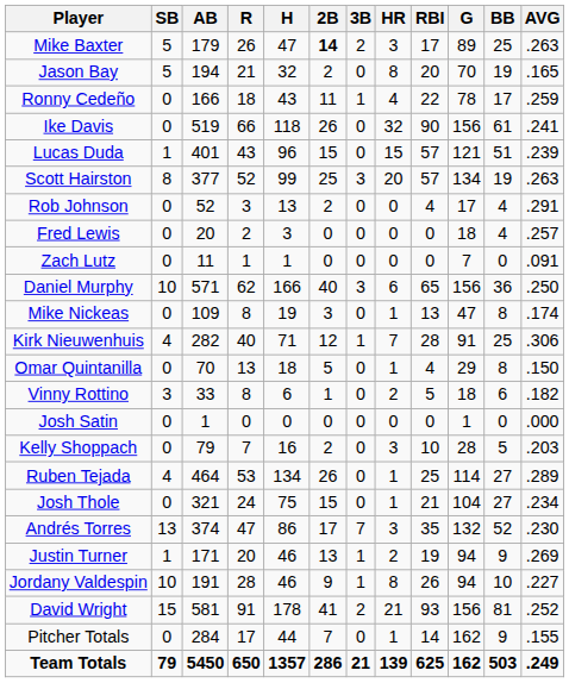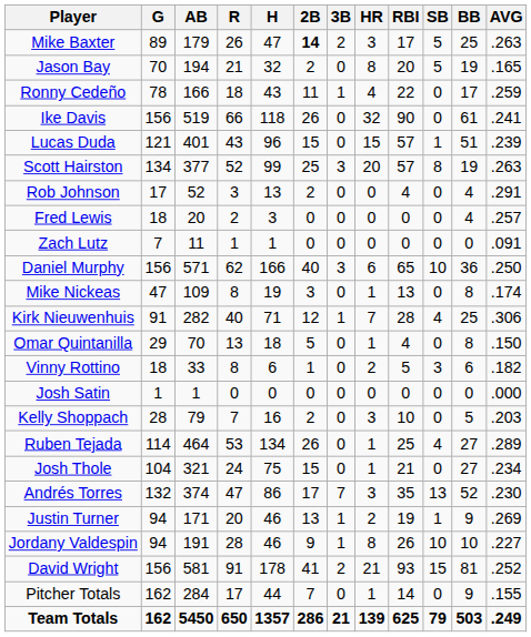 <table class="wikitable sortable">
 <tr>
 <th>Player</th>
-<th>SB</th>
+<th>G</th>
 <th>AB</th>
 <th>R</th>
 <th>H</th>
 <th>2B</th>
 <th>3B</th>
 <th>HR</th>
 <th>RBI</th>
-<th>G</th>
+<th>SB</th>
 <th>BB</th>
 <th>AVG</th>
 </tr>
 <tr align=center>
 <td><a href='#'>Mike Baxter</a></td>
-<td>5</td>
+<td>89</td>
 <td>179</td>
 <td>26</td>
 <td>47</td>
 <td><strong>14</strong></td>
 <td>2</td>
 <td>3</td>
 <td>17</td>
-<td>89</td>
+<td>5</td>
 <td>25</td>
 <td>.263</td>
 </tr>
 <tr align=center>
 <td><a href='#'>Jason Bay</a></td>
-<td>5</td>
+<td>70</td>
 <td>194</td>
 <td>21</td>
 <td>32</td>
 <td>2</td>
 <td>0</td>
 <td>8</td>
 <td>20</td>
-<td>70</td>
+<td>5</td>
 <td>19</td>
 <td>.165</td>
 </tr>
 <tr align=center>
 <td><a href='#'>Ronny Cedeño</a></td>
-<td>0</td>
+<td>78</td>
 <td>166</td>
 <td>18</td>
 <td>43</td>
 <td>11</td>
 <td>1</td>
 <td>4</td>
 <td>22</td>
-<td>78</td>
+<td>0</td>
 <td>17</td>
 <td>.259</td>
 </tr>
 <tr align=center>
 <td><a href='#'>Ike Davis</a></td>
-<td>0</td>
+<td>156</td>
 <td>519</td>
 <td>66</td>
 <td>118</td>
 <td>26</td>
 <td>0</td>
 <td>32</td>
 <td>90</td>
-<td>156</td>
+<td>0</td>
 <td>61</td>
 <td>.241</td>
 </tr>
 <tr align=center>
 <td><a href='#'>Lucas Duda</a></td>
-<td>1</td>
+<td>121</td>
 <td>401</td>
 <td>43</td>
 <td>96</td>
 <td>15</td>
 <td>0</td>
 <td>15</td>
 <td>57</td>
-<td>121</td>
+<td>1</td>
 <td>51</td>
 <td>.239</td>
 </tr>
 <tr align=center>
 <td><a href='#'>Scott Hairston</a></td>
-<td>8</td>
+<td>134</td>
 <td>377</td>
 <td>52</td>
 <td>99</td>
 <td>25</td>
 <td>3</td>
 <td>20</td>
 <td>57</td>
-<td>134</td>
+<td>8</td>
 <td>19</td>
 <td>.263</td>
 </tr>
 <tr align=center>
 <td><a href='#'>Rob Johnson</a></td>
-<td>0</td>
+<td>17</td>
 <td>52</td>
 <td>3</td>
 <td>13</td>
 <td>2</td>
 <td>0</td>
 <td>0</td>
 <td>4</td>
-<td>17</td>
+<td>0</td>
 <td>4</td>
 <td>.291</td>
 </tr>
 <tr align=center>
 <td><a href='#'>Fred Lewis</a></td>
-<td>0</td>
+<td>18</td>
 <td>20</td>
 <td>2</td>
 <td>3</td>
 <td>0</td>
 <td>0</td>
 <td>0</td>
 <td>0</td>
-<td>18</td>
+<td>0</td>
 <td>4</td>
 <td>.257</td>
 </tr>
 <tr align=center>
 <td><a href='#'>Zach Lutz</a></td>
-<td>0</td>
+<td>7</td>
 <td>11</td>
 <td>1</td>
 <td>1</td>
 <td>0</td>
 <td>0</td>
 <td>0</td>
 <td>0</td>
-<td>7</td>
+<td>0</td>
 <td>0</td>
 <td>.091</td>
 </tr>
 <tr align=center>
 <td><a href='#'>Daniel Murphy</a></td>
-<td>10</td>
+<td>156</td>
 <td>571</td>
 <td>62</td>
 <td>166</td>
 <td>40</td>
 <td>3</td>
 <td>6</td>
 <td>65</td>
-<td>156</td>
+<td>10</td>
 <td>36</td>
 <td>.250</td>
 </tr>
 <tr align=center>
 <td><a href='#'>Mike Nickeas</a></td>
-<td>0</td>
+<td>47</td>
 <td>109</td>
 <td>8</td>
 <td>19</td>
 <td>3</td>
 <td>0</td>
 <td>1</td>
 <td>13</td>
-<td>47</td>
+<td>0</td>
 <td>8</td>
 <td>.174</td>
 </tr>
 <tr align=center>
 <td><a href='#'>Kirk Nieuwenhuis</a></td>
-<td>4</td>
+<td>91</td>
 <td>282</td>
 <td>40</td>
 <td>71</td>
 <td>12</td>
 <td>1</td>
 <td>7</td>
 <td>28</td>
-<td>91</td>
+<td>4</td>
 <td>25</td>
 <td>.306</td>
 </tr>
 <tr align=center>
 <td><a href='#'>Omar Quintanilla</a></td>
-<td>0</td>
+<td>29</td>
 <td>70</td>
 <td>13</td>
 <td>18</td>
 <td>5</td>
 <td>0</td>
 <td>1</td>
 <td>4</td>
-<td>29</td>
+<td>0</td>
 <td>8</td>
 <td>.150</td>
 </tr>
 <tr align=center>
 <td><a href='#'>Vinny Rottino</a></td>
-<td>3</td>
+<td>18</td>
 <td>33</td>
 <td>8</td>
 <td>6</td>
 <td>1</td>
 <td>0</td>
 <td>2</td>
 <td>5</td>
-<td>18</td>
+<td>3</td>
 <td>6</td>
 <td>.182</td>
 </tr>
 <tr align=center>
 <td><a href='#'>Josh Satin</a></td>
-<td>0</td>
+<td>1</td>
 <td>1</td>
 <td>0</td>
 <td>0</td>
 <td>0</td>
 <td>0</td>
 <td>0</td>
 <td>0</td>
-<td>1</td>
+<td>0</td>
 <td>0</td>
 <td>.000</td>
 </tr>
 <tr align=center>
 <td><a href='#'>Kelly Shoppach</a></td>
-<td>0</td>
+<td>28</td>
 <td>79</td>
 <td>7</td>
 <td>16</td>
 <td>2</td>
 <td>0</td>
 <td>3</td>
 <td>10</td>
-<td>28</td>
+<td>0</td>
 <td>5</td>
 <td>.203</td>
 </tr>
 <tr align=center>
 <td><a href='#'>Ruben Tejada</a></td>
-<td>4</td>
+<td>114</td>
 <td>464</td>
 <td>53</td>
 <td>134</td>
 <td>26</td>
 <td>0</td>
 <td>1</td>
 <td>25</td>
-<td>114</td>
+<td>4</td>
 <td>27</td>
 <td>.289</td>
 </tr>
 <tr align=center>
 <td><a href='#'>Josh Thole</a></td>
-<td>0</td>
+<td>104</td>
 <td>321</td>
 <td>24</td>
 <td>75</td>
 <td>15</td>
 <td>0</td>
 <td>1</td>
 <td>21</td>
-<td>104</td>
+<td>0</td>
 <td>27</td>
 <td>.234</td>
 </tr>
 <tr align=center>
 <td><a href='#'>Andrés Torres</a></td>
-<td>13</td>
+<td>132</td>
 <td>374</td>
 <td>47</td>
 <td>86</td>
 <td>17</td>
 <td>7</td>
 <td>3</td>
 <td>35</td>
-<td>132</td>
+<td>13</td>
 <td>52</td>
 <td>.230</td>
 </tr>
 <tr align=center>
 <td><a href='#'>Justin Turner</a></td>
-<td>1</td>
+<td>94</td>
 <td>171</td>
 <td>20</td>
 <td>46</td>
 <td>13</td>
 <td>1</td>
 <td>2</td>
 <td>19</td>
-<td>94</td>
+<td>1</td>
 <td>9</td>
 <td>.269</td>
 </tr>
 <tr align=center>
 <td><a href='#'>Jordany Valdespin</a></td>
-<td>10</td>
+<td>94</td>
 <td>191</td>
 <td>28</td>
 <td>46</td>
 <td>9</td>
 <td>1</td>
 <td>8</td>
 <td>26</td>
-<td>94</td>
+<td>10</td>
 <td>10</td>
 <td>.227</td>
 </tr>
 <tr align=center>
 <td><a href='#'>David Wright</a></td>
-<td>15</td>
+<td>156</td>
 <td>581</td>
 <td>91</td>
 <td>178</td>
 <td>41</td>
 <td>2</td>
 <td>21</td>
 <td>93</td>
-<td>156</td>
+<td>15</td>
 <td>81</td>
 <td>.252</td>
 </tr>
 <tr align=center>
 <td>Pitcher Totals</td>
-<td>0</td>
+<td>162</td>
 <td>284</td>
 <td>17</td>
 <td>44</td>
 <td>7</td>
 <td>0</td>
 <td>1</td>
 <td>14</td>
-<td>162</td>
+<td>0</td>
 <td>9</td>
 <td>.155</td>
 </tr>
 <tr align=center>
 <td><strong>Team Totals</strong></td>
-<td><strong>79</strong></td>
+<td><strong>162</strong></td>
 <td><strong>5450</strong></td>
 <td><strong>650</strong></td>
 <td><strong>1357</strong></td>
 <td><strong>286</strong></td>
 <td><strong>21</strong></td>
 <td><strong>139</strong></td>
 <td><strong>625</strong></td>
-<td><strong>162</strong></td>
+<td><strong>79</strong></td>
 <td><strong>503</strong></td>
 <td><strong>.249</strong></td>
 </tr>
 </table>
